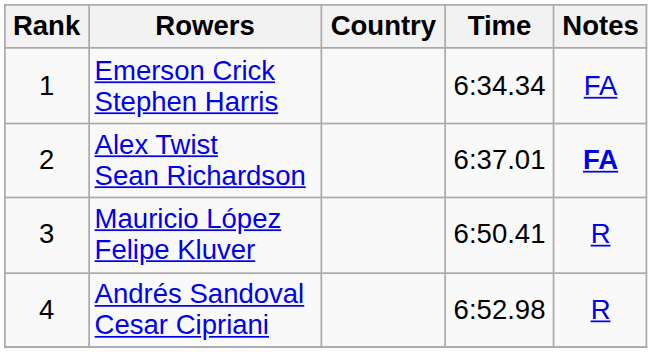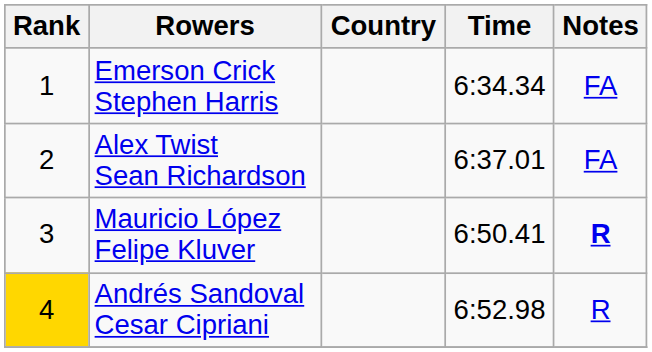 <table class="wikitable" width=60% style="text-align:center">
 <tr>
 <th>Rank</th>
 <th>Rowers</th>
 <th>Country</th>
 <th>Time</th>
 <th>Notes</th>
 </tr>
 <tr>
 <td>1</td>
 <td align=left><a href='#'>Emerson Crick</a><br><a href='#'>Stephen Harris</a></td>
 <td align=left></td>
 <td>6:34.34</td>
 <td><a href='#'>FA</a></td>
 </tr>
 <tr>
 <td>2</td>
 <td align=left><a href='#'>Alex Twist</a><br><a href='#'>Sean Richardson</a></td>
 <td align=left></td>
 <td>6:37.01</td>
-<td><strong><a href='#'>FA</a></strong></td>
+<td><a href='#'>FA</a></td>
 </tr>
 <tr>
 <td>3</td>
 <td align=left><a href='#'>Mauricio López</a><br><a href='#'>Felipe Kluver</a></td>
 <td align=left></td>
 <td>6:50.41</td>
-<td><a href='#'>R</a></td>
+<td><strong><a href='#'>R</a></strong></td>
 </tr>
 <tr>
-<td>4</td>
+<td style="background: gold;">4</td>
 <td align=left><a href='#'>Andrés Sandoval</a><br><a href='#'>Cesar Cipriani</a></td>
 <td align=left></td>
 <td>6:52.98</td>
 <td><a href='#'>R</a></td>
 </tr>
 <tr>
 </tr>
 </table>
